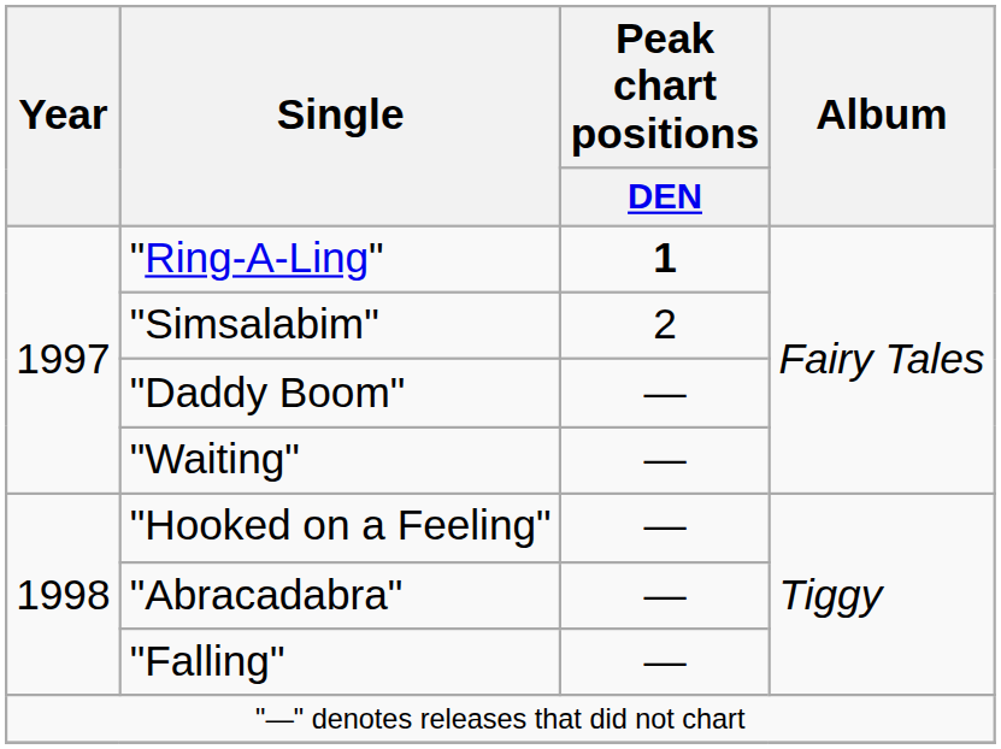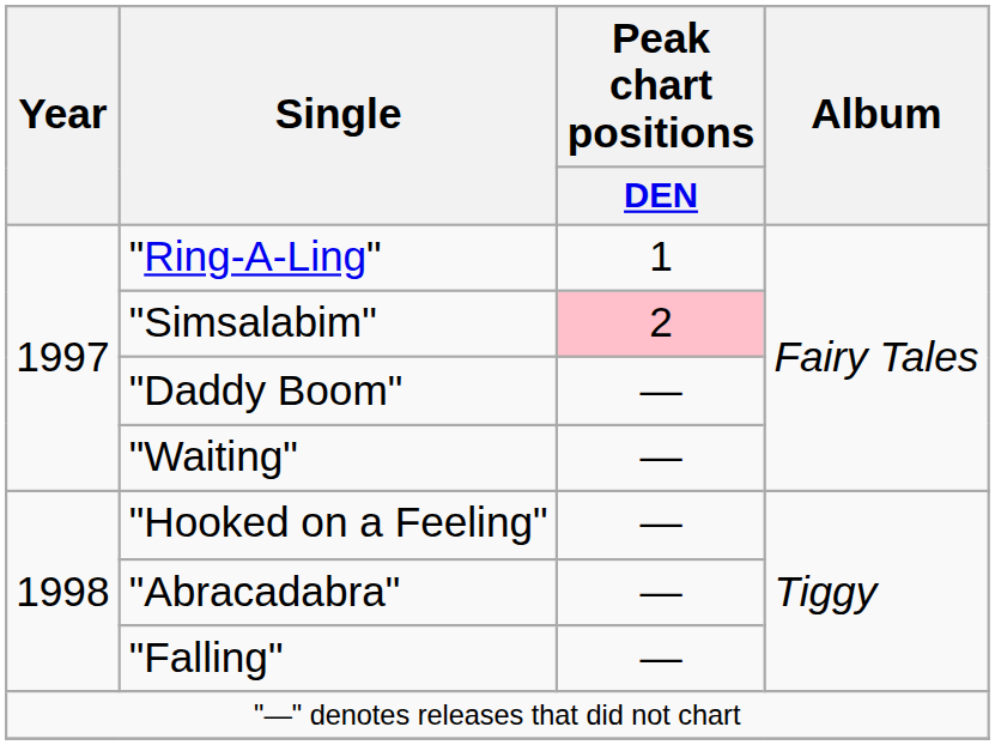 <table class="wikitable" style="text-align:center;">
 <tr>
 <th rowspan="2">Year</th>
 <th rowspan="2">Single</th>
 <th colspan="1">Peak chart positions</th>
 <th rowspan="2">Album</th>
 </tr>
 <tr style="font-size:smaller;">
 <th width="35"><a href='#'>DEN</a></th>
 </tr>
 <tr>
 <td rowspan=4>1997</td>
 <td align="left">"<a href='#'>Ring-A-Ling</a>"</td>
-<td><strong>1</strong></td>
+<td>1</td>
 <td align="left" rowspan="4"><em>Fairy Tales</em></td>
 </tr>
 <tr>
 <td align="left">"Simsalabim"</td>
-<td>2</td>
+<td style="background: pink;">2</td>
 </tr>
 <tr>
 <td align="left">"Daddy Boom"</td>
 <td>—</td>
 </tr>
 <tr>
 <td align="left">"Waiting"</td>
 <td>—</td>
 </tr>
 <tr>
 <td rowspan="3">1998</td>
 <td align="left">"Hooked on a Feeling"</td>
 <td>—</td>
 <td align="left" rowspan="3"><em>Tiggy</em></td>
 </tr>
 <tr>
 <td align="left">"Abracadabra"</td>
 <td>—</td>
 </tr>
 <tr>
 <td align="left">"Falling"</td>
 <td>—</td>
 </tr>
 <tr>
 <td colspan="15" style="font-size:8pt">"—" denotes releases that did not chart</td>
 </tr>
 <tr>
 </tr>
 </table>
